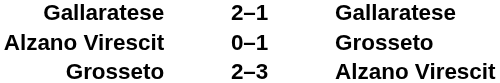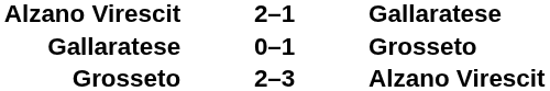 <table width="100%" cellspacing="1">
 <tr>
 <th width="20%"></th>
 <th width="12%"></th>
 <th width="20%"></th>
 <th></th>
 </tr>
 <tr style="font-size:90%;">
-<td align="right"><strong>Gallaratese</strong></td>
+<td align="right"><strong>Alzano Virescit</strong></td>
 <td align="center"><strong>2–1</strong></td>
 <td align="left"><strong>Gallaratese</strong></td>
 </tr>
 <tr style="font-size:90%;">
-<td align="right"><strong>Alzano Virescit</strong></td>
+<td align="right"><strong>Gallaratese</strong></td>
 <td align="center"><strong>0–1</strong></td>
 <td align="left"><strong>Grosseto</strong></td>
 </tr>
 <tr style="font-size:90%;">
 <td align="right"><strong>Grosseto</strong></td>
 <td align="center"><strong>2–3</strong></td>
 <td align="left"><strong>Alzano Virescit</strong></td>
 </tr>
 </table>
